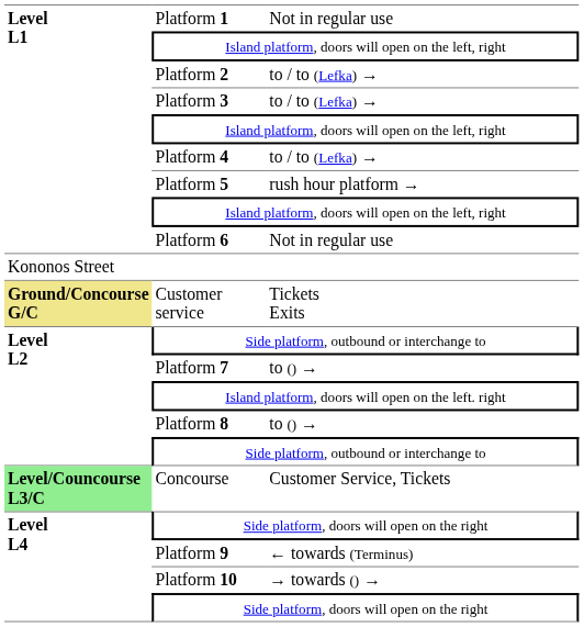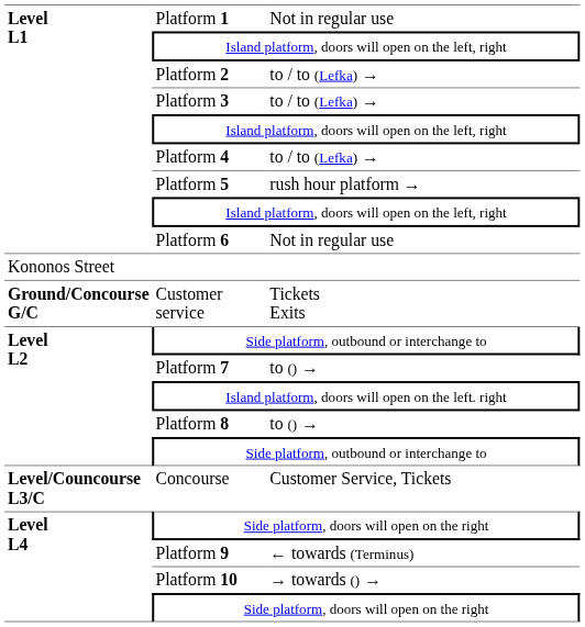 <table border=0 cellspacing=0 cellpadding=3>
 <tr>
 <td style="border-top:solid 1px gray;border-bottom:solid 1px gray;" rowspan=9 valign=top><strong>Level<br>L1</strong></td>
 <td style="border-top:solid 1px gray;">Platform <strong>1</strong></td>
 <td style="border-top:solid 1px gray;">Not in regular use</td>
 </tr>
 <tr>
 <td style="border-right:solid 2px black;border-left:solid 2px black;border-top:solid 2px black;border-bottom:solid 2px black;text-align:center;" colspan=2><small><a href='#'>Island platform</a>, doors will open on the left, right</small></td>
 </tr>
 <tr>
 <td style="border-bottom:solid 1px gray;">Platform <strong>2</strong></td>
 <td style="border-bottom:solid 1px gray;"> to  /  to  <small>(<a href='#'>Lefka</a>)</small> →</td>
 </tr>
 <tr>
 <td style="border-bottom:solid 0 gray;">Platform <strong>3</strong></td>
 <td> to  /  to  <small>(<a href='#'>Lefka</a>)</small> →</td>
 </tr>
 <tr>
 <td style="border-right:solid 2px black;border-left:solid 2px black;border-top:solid 2px black;border-bottom:solid 2px black;text-align:center;" colspan=2><small><a href='#'>Island platform</a>, doors will open on the left, right</small></td>
 </tr>
 <tr>
 <td style="border-bottom:solid 1px gray;">Platform <strong>4</strong></td>
 <td style="border-bottom:solid 1px gray;"> to  /  to  <small>(<a href='#'>Lefka</a>)</small> →</td>
 </tr>
 <tr>
 <td style="border-bottom:solid 0 gray;">Platform <strong>5</strong></td>
 <td style="border-bottom:solid 0 gray;"> rush hour platform →</td>
 </tr>
 <tr>
 <td style="border-right:solid 2px black;border-left:solid 2px black;border-top:solid 2px black;border-bottom:solid 2px black;text-align:center;" colspan=2><small><a href='#'>Island platform</a>, doors will open on the left, right</small></td>
 </tr>
 <tr>
 <td style="border-bottom:solid 1px gray;">Platform <strong>6</strong></td>
 <td style="border-bottom:solid 1px gray;">Not in regular use</td>
 </tr>
 <tr>
 <td style="border-bottom:solid 1px gray;" colspan=3>Kononos Street</td>
 </tr>
 <tr>
-<td style="background: khaki; border-bottom:solid 1px gray;border-top:solid 0 gray;" width=50 valign=top><strong>Ground/Concourse<br>G/C</strong></td>
+<td style="border-bottom:solid 1px gray;border-top:solid 0 gray;" width=50 valign=top><strong>Ground/Concourse<br>G/C</strong></td>
 <td style="border-top:solid 0 gray;border-bottom:solid 1px gray;" width=100 valign=top>Customer service</td>
 <td style="border-top:solid 0 gray;border-bottom:solid 1px gray;" width=285 valign=top>Tickets<br>Exits</td>
 </tr>
 <tr>
 <td style="border-bottom:solid 1px gray;" rowspan=5 valign=top><strong>Level<br>L2</strong></td>
 <td style="border-right:solid 2px black;border-left:solid 2px black;border-top:solid 0 gray;border-bottom:solid 2px black;text-align:center;" colspan=2><small><a href='#'>Side platform</a>, outbound or interchange to </small></td>
 </tr>
 <tr>
 <td style="border-bottom:solid 0 gray;">Platform <span><strong>7</strong></span></td>
 <td style="border-bottom:solid 0 gray;"> to  <small>()</small> →</td>
 </tr>
 <tr>
 <td style="border-right:solid 2px black;border-left:solid 2px black;border-top:solid 2px black;border-bottom:solid 2px black;text-align:center;" colspan=2><small><a href='#'>Island platform</a>, doors will open on the left. right</small></td>
 </tr>
 <tr>
 <td>Platform <span><strong>8</strong></span></td>
 <td> to  <small>()</small> →</td>
 </tr>
 <tr>
 <td style="border-right:solid 2px black;border-left:solid 2px black;border-bottom:solid 1px gray;border-top:solid 2px black;text-align:center;" colspan=2><small><a href='#'>Side platform</a>, outbound or interchange to </small></td>
 </tr>
 <tr>
-<td valign=top style="background: lightgreen;"><strong>Level/Councourse<br>L3/C</strong></td>
+<td valign=top><strong>Level/Councourse<br>L3/C</strong></td>
 <td valign=top>Concourse</td>
 <td valign=top>Customer Service, Tickets</td>
 </tr>
 <tr>
 <td style="border-top:solid 1px gray;border-bottom:solid 1px gray;" rowspan=4 valign=top><strong>Level<br>L4</strong></td>
 <td style="border-top:solid 1px gray;border-right:solid 2px black;border-left:solid 2px black;border-bottom:solid 2px black;text-align:center;" colspan=2><small><a href='#'>Side platform</a>, doors will open on the right</small></td>
 </tr>
 <tr>
 <td style="border-bottom:solid 1px gray;">Platform <span><strong>9</strong></span></td>
 <td style="border-bottom:solid 1px gray;">←  towards  <small>(Terminus)</small></td>
 </tr>
 <tr>
 <td>Platform <span><strong>10</strong></span></td>
 <td><span>→</span>  towards  <small>()</small> →</td>
 </tr>
 <tr>
 <td style="border-bottom:solid 1px gray;border-top:solid 2px black;border-right:solid 2px black;border-left:solid 2px black;text-align:center;" colspan=2><small><a href='#'>Side platform</a>, doors will open on the right </small></td>
 </tr>
 </table>
